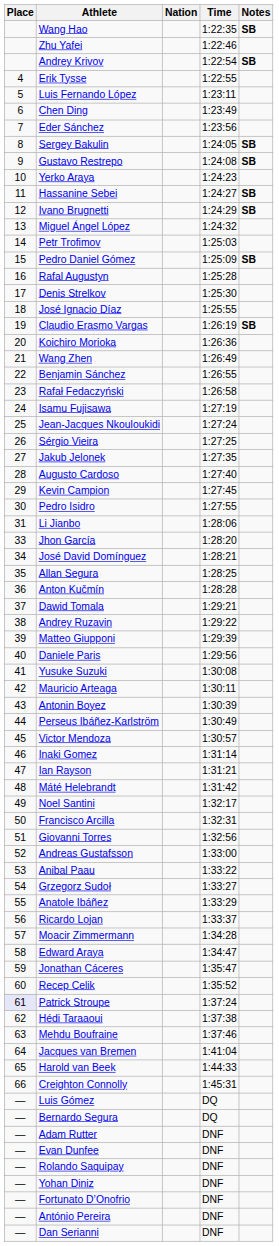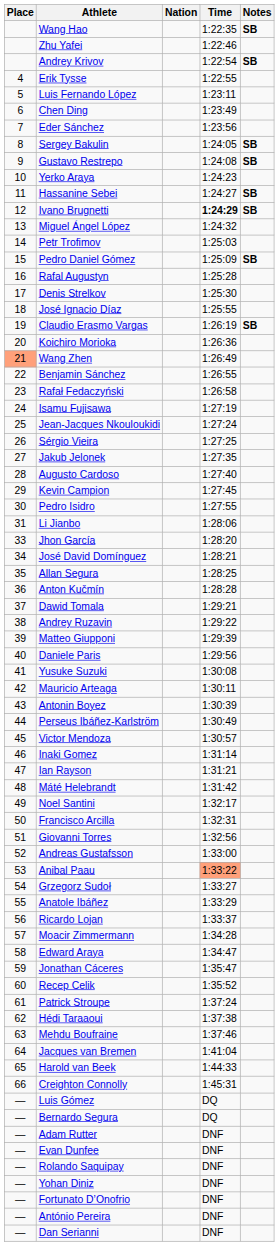 <table class=wikitable>
 <tr>
 <th>Place</th>
 <th>Athlete</th>
 <th>Nation</th>
 <th>Time</th>
 <th>Notes</th>
 </tr>
 <tr>
 <td align=center></td>
 <td><a href='#'>Wang Hao</a></td>
 <td></td>
 <td>1:22:35</td>
 <td><strong>SB</strong></td>
 </tr>
 <tr>
 <td align=center></td>
 <td><a href='#'>Zhu Yafei</a></td>
 <td></td>
 <td>1:22:46</td>
 <td> </td>
 </tr>
 <tr>
 <td align=center></td>
 <td><a href='#'>Andrey Krivov</a></td>
 <td></td>
 <td>1:22:54</td>
 <td><strong>SB</strong></td>
 </tr>
 <tr>
 <td align=center>4</td>
 <td><a href='#'>Erik Tysse</a></td>
 <td></td>
 <td>1:22:55</td>
 <td> </td>
 </tr>
 <tr>
 <td align=center>5</td>
 <td><a href='#'>Luis Fernando López</a></td>
 <td></td>
 <td>1:23:11</td>
 <td> </td>
 </tr>
 <tr>
 <td align=center>6</td>
 <td><a href='#'>Chen Ding</a></td>
 <td></td>
 <td>1:23:49</td>
 <td> </td>
 </tr>
 <tr>
 <td align=center>7</td>
 <td><a href='#'>Eder Sánchez</a></td>
 <td></td>
 <td>1:23:56</td>
 <td> </td>
 </tr>
 <tr>
 <td align=center>8</td>
 <td><a href='#'>Sergey Bakulin</a></td>
 <td></td>
 <td>1:24:05</td>
 <td><strong>SB</strong></td>
 </tr>
 <tr>
 <td align=center>9</td>
 <td><a href='#'>Gustavo Restrepo</a></td>
 <td></td>
 <td>1:24:08</td>
 <td><strong>SB</strong></td>
 </tr>
 <tr>
 <td align=center>10</td>
 <td><a href='#'>Yerko Araya</a></td>
 <td></td>
 <td>1:24:23</td>
 <td> </td>
 </tr>
 <tr>
 <td align=center>11</td>
 <td><a href='#'>Hassanine Sebei</a></td>
 <td></td>
 <td>1:24:27</td>
 <td><strong>SB</strong></td>
 </tr>
 <tr>
 <td align=center>12</td>
 <td><a href='#'>Ivano Brugnetti</a></td>
 <td></td>
-<td>1:24:29</td>
+<td><strong>1:24:29</strong></td>
 <td><strong>SB</strong></td>
 </tr>
 <tr>
 <td align=center>13</td>
 <td><a href='#'>Miguel Ángel López</a></td>
 <td></td>
 <td>1:24:32</td>
 <td> </td>
 </tr>
 <tr>
 <td align=center>14</td>
 <td><a href='#'>Petr Trofimov</a></td>
 <td></td>
 <td>1:25:03</td>
 <td> </td>
 </tr>
 <tr>
 <td align=center>15</td>
 <td><a href='#'>Pedro Daniel Gómez</a></td>
 <td></td>
 <td>1:25:09</td>
 <td><strong>SB</strong></td>
 </tr>
 <tr>
 <td align=center>16</td>
 <td><a href='#'>Rafal Augustyn</a></td>
 <td></td>
 <td>1:25:28</td>
 <td> </td>
 </tr>
 <tr>
 <td align=center>17</td>
 <td><a href='#'>Denis Strelkov</a></td>
 <td></td>
 <td>1:25:30</td>
 <td> </td>
 </tr>
 <tr>
 <td align=center>18</td>
 <td><a href='#'>José Ignacio Díaz</a></td>
 <td></td>
 <td>1:25:55</td>
 <td> </td>
 </tr>
 <tr>
 <td align=center>19</td>
 <td><a href='#'>Claudio Erasmo Vargas</a></td>
 <td></td>
 <td>1:26:19</td>
 <td><strong>SB</strong></td>
 </tr>
 <tr>
 <td align=center>20</td>
 <td><a href='#'>Koichiro Morioka</a></td>
 <td></td>
 <td>1:26:36</td>
 <td> </td>
 </tr>
 <tr>
-<td align=center>21</td>
+<td align=center style="background: lightsalmon;">21</td>
 <td><a href='#'>Wang Zhen</a></td>
 <td></td>
 <td>1:26:49</td>
 <td></td>
 </tr>
 <tr>
 <td align=center>22</td>
 <td><a href='#'>Benjamin Sánchez</a></td>
 <td></td>
 <td>1:26:55</td>
 <td></td>
 </tr>
 <tr>
 <td align=center>23</td>
 <td><a href='#'>Rafał Fedaczyński</a></td>
 <td></td>
 <td>1:26:58</td>
 <td></td>
 </tr>
 <tr>
 <td align=center>24</td>
 <td><a href='#'>Isamu Fujisawa</a></td>
 <td></td>
 <td>1:27:19</td>
 <td></td>
 </tr>
 <tr>
 <td align=center>25</td>
 <td><a href='#'>Jean-Jacques Nkouloukidi</a></td>
 <td></td>
 <td>1:27:24</td>
 <td></td>
 </tr>
 <tr>
 <td align=center>26</td>
 <td><a href='#'>Sérgio Vieira</a></td>
 <td></td>
 <td>1:27:25</td>
 <td></td>
 </tr>
 <tr>
 <td align=center>27</td>
 <td><a href='#'>Jakub Jelonek</a></td>
 <td></td>
 <td>1:27:35</td>
 <td></td>
 </tr>
 <tr>
 <td align=center>28</td>
 <td><a href='#'>Augusto Cardoso</a></td>
 <td></td>
 <td>1:27:40</td>
 <td></td>
 </tr>
 <tr>
 <td align=center>29</td>
 <td><a href='#'>Kevin Campion</a></td>
 <td></td>
 <td>1:27:45</td>
 <td></td>
 </tr>
 <tr>
 <td align=center>30</td>
 <td><a href='#'>Pedro Isidro</a></td>
 <td></td>
 <td>1:27:55</td>
 <td></td>
 </tr>
 <tr>
 <td align=center>31</td>
 <td><a href='#'>Li Jianbo</a></td>
 <td></td>
 <td>1:28:06</td>
 <td></td>
 </tr>
 <tr>
 <td align=center>33</td>
 <td><a href='#'>Jhon García</a></td>
 <td></td>
 <td>1:28:20</td>
 <td></td>
 </tr>
 <tr>
 <td align=center>34</td>
 <td><a href='#'>José David Domínguez</a></td>
 <td></td>
 <td>1:28:21</td>
 <td></td>
 </tr>
 <tr>
 <td align=center>35</td>
 <td><a href='#'>Allan Segura</a></td>
 <td></td>
 <td>1:28:25</td>
 <td></td>
 </tr>
 <tr>
 <td align=center>36</td>
 <td><a href='#'>Anton Kučmín</a></td>
 <td></td>
 <td>1:28:28</td>
 <td></td>
 </tr>
 <tr>
 <td align=center>37</td>
 <td><a href='#'>Dawid Tomala</a></td>
 <td></td>
 <td>1:29:21</td>
 <td></td>
 </tr>
 <tr>
 <td align=center>38</td>
 <td><a href='#'>Andrey Ruzavin</a></td>
 <td></td>
 <td>1:29:22</td>
 <td></td>
 </tr>
 <tr>
 <td align=center>39</td>
 <td><a href='#'>Matteo Giupponi</a></td>
 <td></td>
 <td>1:29:39</td>
 <td></td>
 </tr>
 <tr>
 <td align=center>40</td>
 <td><a href='#'>Daniele Paris</a></td>
 <td></td>
 <td>1:29:56</td>
 <td></td>
 </tr>
 <tr>
 <td align=center>41</td>
 <td><a href='#'>Yusuke Suzuki</a></td>
 <td></td>
 <td>1:30:08</td>
 <td></td>
 </tr>
 <tr>
 <td align=center>42</td>
 <td><a href='#'>Mauricio Arteaga</a></td>
 <td></td>
 <td>1:30:11</td>
 <td></td>
 </tr>
 <tr>
 <td align=center>43</td>
 <td><a href='#'>Antonin Boyez</a></td>
 <td></td>
 <td>1:30:39</td>
 <td></td>
 </tr>
 <tr>
 <td align=center>44</td>
 <td><a href='#'>Perseus Ibáñez-Karlström</a></td>
 <td></td>
 <td>1:30:49</td>
 <td></td>
 </tr>
 <tr>
 <td align=center>45</td>
 <td><a href='#'>Victor Mendoza</a></td>
 <td></td>
 <td>1:30:57</td>
 <td></td>
 </tr>
 <tr>
 <td align=center>46</td>
 <td><a href='#'>Inaki Gomez</a></td>
 <td></td>
 <td>1:31:14</td>
 <td></td>
 </tr>
 <tr>
 <td align=center>47</td>
 <td><a href='#'>Ian Rayson</a></td>
 <td></td>
 <td>1:31:21</td>
 <td></td>
 </tr>
 <tr>
 <td align=center>48</td>
 <td><a href='#'>Máté Helebrandt</a></td>
 <td></td>
 <td>1:31:42</td>
 <td></td>
 </tr>
 <tr>
 <td align=center>49</td>
 <td><a href='#'>Noel Santini</a></td>
 <td></td>
 <td>1:32:17</td>
 <td></td>
 </tr>
 <tr>
 <td align=center>50</td>
 <td><a href='#'>Francisco Arcilla</a></td>
 <td></td>
 <td>1:32:31</td>
 <td></td>
 </tr>
 <tr>
 <td align=center>51</td>
 <td><a href='#'>Giovanni Torres</a></td>
 <td></td>
 <td>1:32:56</td>
 <td></td>
 </tr>
 <tr>
 <td align=center>52</td>
 <td><a href='#'>Andreas Gustafsson</a></td>
 <td></td>
 <td>1:33:00</td>
 <td></td>
 </tr>
 <tr>
 <td align=center>53</td>
 <td><a href='#'>Anibal Paau</a></td>
 <td></td>
-<td>1:33:22</td>
+<td style="background: lightsalmon;">1:33:22</td>
 <td></td>
 </tr>
 <tr>
 <td align=center>54</td>
 <td><a href='#'>Grzegorz Sudoł</a></td>
 <td></td>
 <td>1:33:27</td>
 <td></td>
 </tr>
 <tr>
 <td align=center>55</td>
 <td><a href='#'>Anatole Ibáñez</a></td>
 <td></td>
 <td>1:33:29</td>
 <td></td>
 </tr>
 <tr>
 <td align=center>56</td>
 <td><a href='#'>Ricardo Lojan</a></td>
 <td></td>
 <td>1:33:37</td>
 <td></td>
 </tr>
 <tr>
 <td align=center>57</td>
 <td><a href='#'>Moacir Zimmermann</a></td>
 <td></td>
 <td>1:34:28</td>
 <td></td>
 </tr>
 <tr>
 <td align=center>58</td>
 <td><a href='#'>Edward Araya</a></td>
 <td></td>
 <td>1:34:47</td>
 <td></td>
 </tr>
 <tr>
 <td align=center>59</td>
 <td><a href='#'>Jonathan Cáceres</a></td>
 <td></td>
 <td>1:35:47</td>
 <td></td>
 </tr>
 <tr>
 <td align=center>60</td>
 <td><a href='#'>Recep Celik</a></td>
 <td></td>
 <td>1:35:52</td>
 <td></td>
 </tr>
 <tr>
-<td align=center style="background: lavender;">61</td>
+<td align=center>61</td>
 <td><a href='#'>Patrick Stroupe</a></td>
 <td></td>
 <td>1:37:24</td>
 <td></td>
 </tr>
 <tr>
 <td align=center>62</td>
 <td><a href='#'>Hédi Taraaoui</a></td>
 <td></td>
 <td>1:37:38</td>
 <td></td>
 </tr>
 <tr>
 <td align=center>63</td>
 <td><a href='#'>Mehdu Boufraine</a></td>
 <td></td>
 <td>1:37:46</td>
 <td></td>
 </tr>
 <tr>
 <td align=center>64</td>
 <td><a href='#'>Jacques van Bremen</a></td>
 <td></td>
 <td>1:41:04</td>
 <td></td>
 </tr>
 <tr>
 <td align=center>65</td>
 <td><a href='#'>Harold van Beek</a></td>
 <td></td>
 <td>1:44:33</td>
 <td></td>
 </tr>
 <tr>
 <td align=center>66</td>
 <td><a href='#'>Creighton Connolly</a></td>
 <td></td>
 <td>1:45:31</td>
 <td></td>
 </tr>
 <tr>
 <td align=center>—</td>
 <td><a href='#'>Luis Gómez</a></td>
 <td></td>
 <td>DQ</td>
 <td></td>
 </tr>
 <tr>
 <td align=center>—</td>
 <td><a href='#'>Bernardo Segura</a></td>
 <td></td>
 <td>DQ</td>
 <td></td>
 </tr>
 <tr>
 <td align=center>—</td>
 <td><a href='#'>Adam Rutter</a></td>
 <td></td>
 <td>DNF</td>
 <td></td>
 </tr>
 <tr>
 <td align=center>—</td>
 <td><a href='#'>Evan Dunfee</a></td>
 <td></td>
 <td>DNF</td>
 <td></td>
 </tr>
 <tr>
 <td align=center>—</td>
 <td><a href='#'>Rolando Saquipay</a></td>
 <td></td>
 <td>DNF</td>
 <td></td>
 </tr>
 <tr>
 <td align=center>—</td>
 <td><a href='#'>Yohan Diniz</a></td>
 <td></td>
 <td>DNF</td>
 <td></td>
 </tr>
 <tr>
 <td align=center>—</td>
 <td><a href='#'>Fortunato DʼOnofrio</a></td>
 <td></td>
 <td>DNF</td>
 <td></td>
 </tr>
 <tr>
 <td align=center>—</td>
 <td><a href='#'>António Pereira</a></td>
 <td></td>
 <td>DNF</td>
 <td></td>
 </tr>
 <tr>
 <td align=center>—</td>
 <td><a href='#'>Dan Serianni</a></td>
 <td></td>
 <td>DNF</td>
 <td></td>
 </tr>
 </table>
